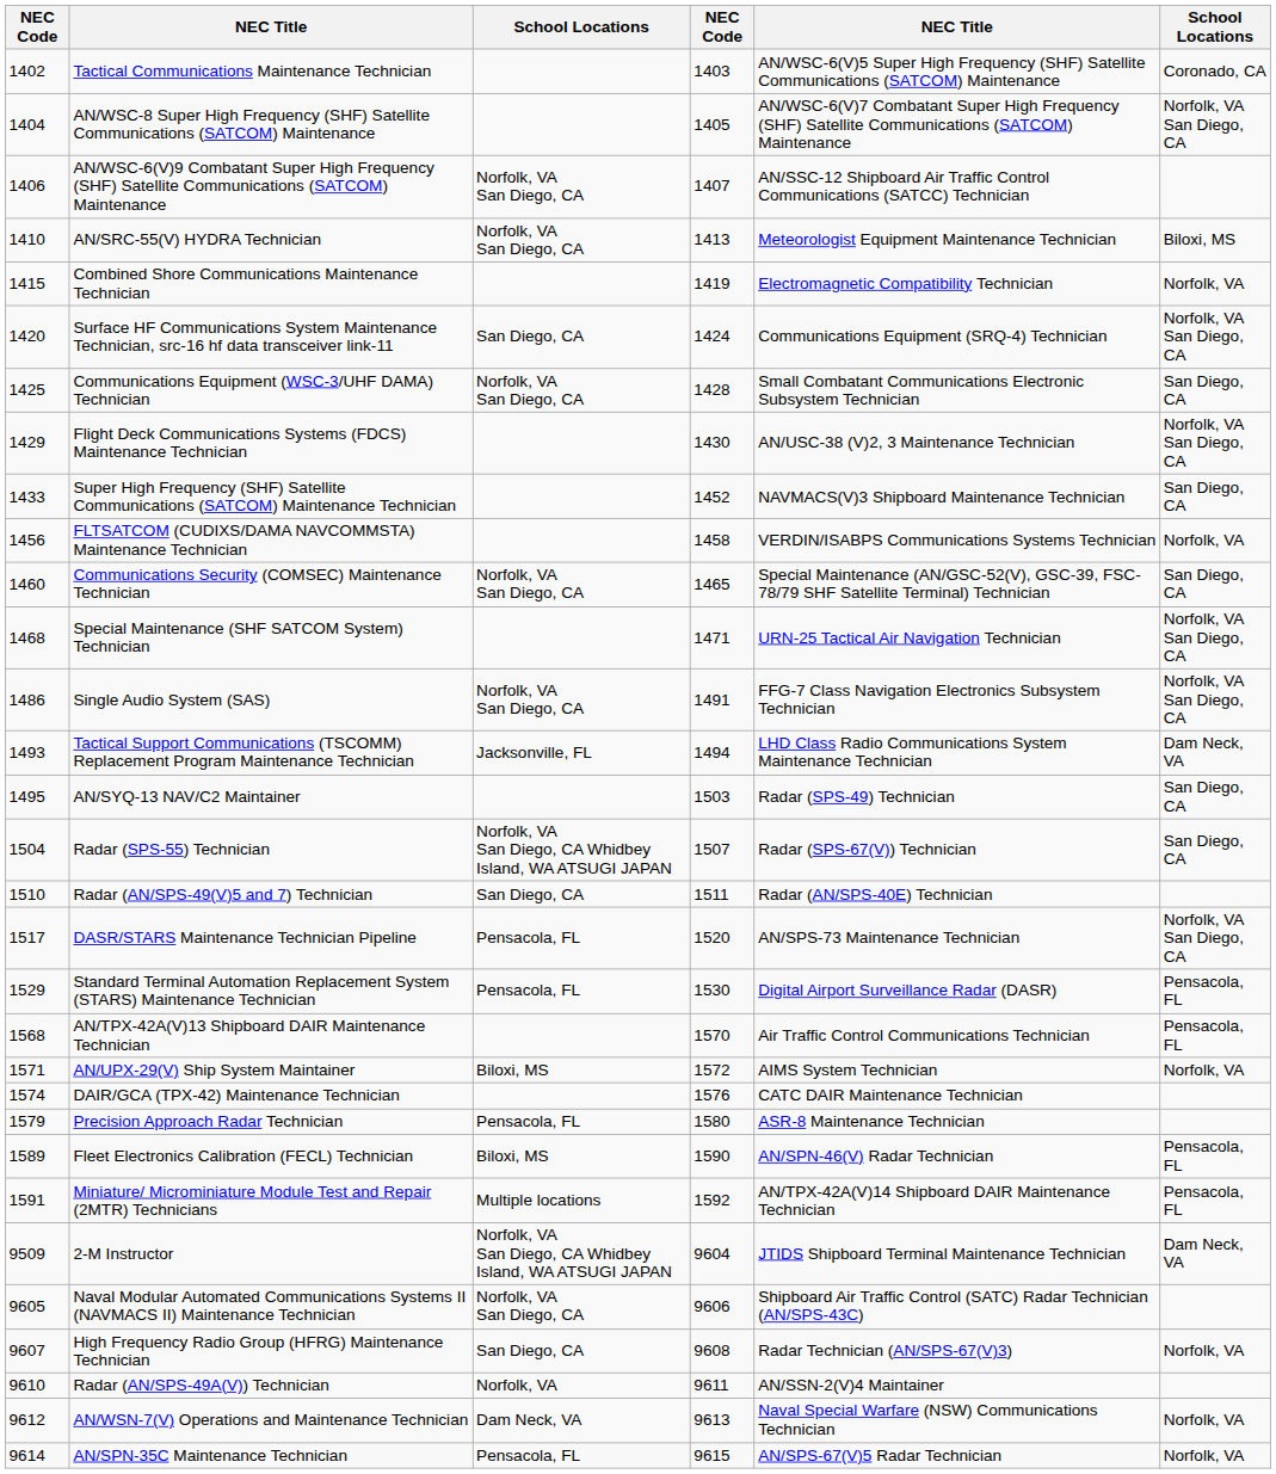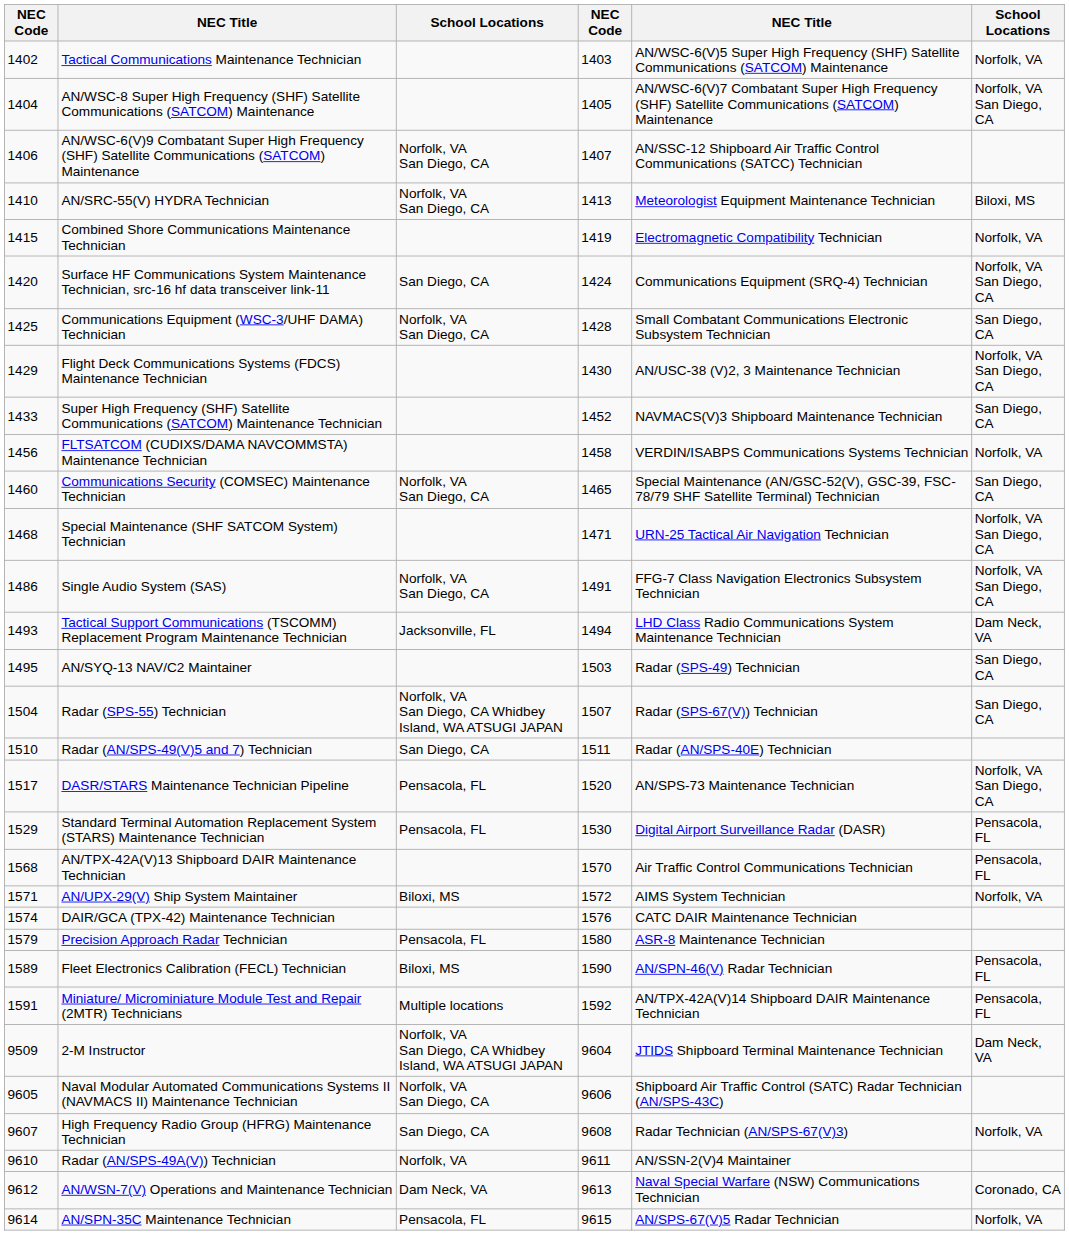 <table class="wikitable">
 <tr>
 <th>NEC Code</th>
 <th>NEC Title</th>
 <th>School Locations</th>
 <th>NEC Code</th>
 <th>NEC Title</th>
 <th>School Locations</th>
 </tr>
 <tr>
 <td>1402</td>
 <td><a href='#'>Tactical Communications</a> Maintenance Technician</td>
 <td></td>
 <td>1403</td>
 <td>AN/WSC-6(V)5 Super High Frequency (SHF) Satellite Communications (<a href='#'>SATCOM</a>) Maintenance</td>
-<td>Coronado, CA</td>
+<td>Norfolk, VA</td>
 </tr>
 <tr>
 <td>1404</td>
 <td>AN/WSC-8 Super High Frequency (SHF) Satellite Communications (<a href='#'>SATCOM</a>) Maintenance</td>
 <td></td>
 <td>1405</td>
 <td>AN/WSC-6(V)7 Combatant Super High Frequency (SHF) Satellite Communications (<a href='#'>SATCOM</a>) Maintenance</td>
 <td>Norfolk, VA<br>San Diego, CA</td>
 </tr>
 <tr>
 <td>1406</td>
 <td>AN/WSC-6(V)9 Combatant Super High Frequency (SHF) Satellite Communications (<a href='#'>SATCOM</a>) Maintenance</td>
 <td>Norfolk, VA<br>San Diego, CA</td>
 <td>1407</td>
 <td>AN/SSC-12 Shipboard Air Traffic Control Communications (SATCC) Technician</td>
 <td></td>
 </tr>
 <tr>
 <td>1410</td>
 <td>AN/SRC-55(V) HYDRA Technician</td>
 <td>Norfolk, VA<br>San Diego, CA</td>
 <td>1413</td>
 <td><a href='#'>Meteorologist</a> Equipment Maintenance Technician</td>
 <td>Biloxi, MS</td>
 </tr>
 <tr>
 <td>1415</td>
 <td>Combined Shore Communications Maintenance Technician</td>
 <td></td>
 <td>1419</td>
 <td><a href='#'>Electromagnetic Compatibility</a> Technician</td>
 <td>Norfolk, VA</td>
 </tr>
 <tr>
 <td>1420</td>
 <td>Surface HF Communications System Maintenance Technician, src-16 hf data transceiver link-11</td>
 <td>San Diego, CA</td>
 <td>1424</td>
 <td>Communications Equipment (SRQ-4) Technician</td>
 <td>Norfolk, VA<br>San Diego, CA</td>
 </tr>
 <tr>
 <td>1425</td>
 <td>Communications Equipment (<a href='#'>WSC-3</a>/UHF DAMA) Technician</td>
 <td>Norfolk, VA<br>San Diego, CA</td>
 <td>1428</td>
 <td>Small Combatant Communications Electronic Subsystem Technician</td>
 <td>San Diego, CA</td>
 </tr>
 <tr>
 <td>1429</td>
 <td>Flight Deck Communications Systems (FDCS) Maintenance Technician</td>
 <td></td>
 <td>1430</td>
 <td>AN/USC-38 (V)2, 3 Maintenance Technician</td>
 <td>Norfolk, VA<br>San Diego, CA</td>
 </tr>
 <tr>
 <td>1433</td>
 <td>Super High Frequency (SHF) Satellite Communications (<a href='#'>SATCOM</a>) Maintenance Technician</td>
 <td></td>
 <td>1452</td>
 <td>NAVMACS(V)3 Shipboard Maintenance Technician</td>
 <td>San Diego, CA</td>
 </tr>
 <tr>
 <td>1456</td>
 <td><a href='#'>FLTSATCOM</a> (CUDIXS/DAMA NAVCOMMSTA) Maintenance Technician</td>
 <td></td>
 <td>1458</td>
 <td>VERDIN/ISABPS Communications Systems Technician</td>
 <td>Norfolk, VA</td>
 </tr>
 <tr>
 <td>1460</td>
 <td><a href='#'>Communications Security</a> (COMSEC) Maintenance Technician</td>
 <td>Norfolk, VA<br>San Diego, CA</td>
 <td>1465</td>
 <td>Special Maintenance (AN/GSC-52(V), GSC-39, FSC-78/79 SHF Satellite Terminal) Technician</td>
 <td>San Diego, CA</td>
 </tr>
 <tr>
 <td>1468</td>
 <td>Special Maintenance (SHF SATCOM System) Technician</td>
 <td></td>
 <td>1471</td>
 <td><a href='#'>URN-25 Tactical Air Navigation</a> Technician</td>
 <td>Norfolk, VA<br>San Diego, CA</td>
 </tr>
 <tr>
 <td>1486</td>
 <td>Single Audio System (SAS)</td>
 <td>Norfolk, VA<br>San Diego, CA</td>
 <td>1491</td>
 <td>FFG-7 Class Navigation Electronics Subsystem Technician</td>
 <td>Norfolk, VA<br>San Diego, CA</td>
 </tr>
 <tr>
 <td>1493</td>
 <td><a href='#'>Tactical Support Communications</a> (TSCOMM) Replacement Program Maintenance Technician</td>
 <td>Jacksonville, FL</td>
 <td>1494</td>
 <td><a href='#'>LHD Class</a> Radio Communications System Maintenance Technician</td>
 <td>Dam Neck, VA</td>
 </tr>
 <tr>
 <td>1495</td>
 <td>AN/SYQ-13 NAV/C2 Maintainer</td>
 <td></td>
 <td>1503</td>
 <td>Radar (<a href='#'>SPS-49</a>) Technician</td>
 <td>San Diego, CA</td>
 </tr>
 <tr>
 <td>1504</td>
 <td>Radar (<a href='#'>SPS-55</a>) Technician</td>
 <td>Norfolk, VA<br>San Diego, CA Whidbey Island, WA ATSUGI JAPAN</td>
 <td>1507</td>
 <td>Radar (<a href='#'>SPS-67(V)</a>) Technician</td>
 <td>San Diego, CA</td>
 </tr>
 <tr>
 <td>1510</td>
 <td>Radar (<a href='#'>AN/SPS-49(V)5 and 7</a>) Technician</td>
 <td>San Diego, CA</td>
 <td>1511</td>
 <td>Radar (<a href='#'>AN/SPS-40E</a>) Technician</td>
 <td></td>
 </tr>
 <tr>
 <td>1517</td>
 <td><a href='#'>DASR/STARS</a> Maintenance Technician Pipeline</td>
 <td>Pensacola, FL</td>
 <td>1520</td>
 <td>AN/SPS-73 Maintenance Technician</td>
 <td>Norfolk, VA<br>San Diego, CA</td>
 </tr>
 <tr>
 <td>1529</td>
 <td>Standard Terminal Automation Replacement System (STARS) Maintenance Technician</td>
 <td>Pensacola, FL</td>
 <td>1530</td>
 <td><a href='#'>Digital Airport Surveillance Radar</a> (DASR)</td>
 <td>Pensacola, FL</td>
 </tr>
 <tr>
 <td>1568</td>
 <td>AN/TPX-42A(V)13 Shipboard DAIR Maintenance Technician</td>
 <td></td>
 <td>1570</td>
 <td>Air Traffic Control Communications Technician</td>
 <td>Pensacola, FL</td>
 </tr>
 <tr>
 <td>1571</td>
 <td><a href='#'>AN/UPX-29(V)</a> Ship System Maintainer</td>
 <td>Biloxi, MS</td>
 <td>1572</td>
 <td>AIMS System Technician</td>
 <td>Norfolk, VA</td>
 </tr>
 <tr>
 <td>1574</td>
 <td>DAIR/GCA (TPX-42) Maintenance Technician</td>
 <td></td>
 <td>1576</td>
 <td>CATC DAIR Maintenance Technician</td>
 <td></td>
 </tr>
 <tr>
 <td>1579</td>
 <td><a href='#'>Precision Approach Radar</a> Technician</td>
 <td>Pensacola, FL</td>
 <td>1580</td>
 <td><a href='#'>ASR-8</a> Maintenance Technician</td>
 <td></td>
 </tr>
 <tr>
 <td>1589</td>
 <td>Fleet Electronics Calibration (FECL) Technician</td>
 <td>Biloxi, MS</td>
 <td>1590</td>
 <td><a href='#'>AN/SPN-46(V)</a> Radar Technician</td>
 <td>Pensacola, FL</td>
 </tr>
 <tr>
 <td>1591</td>
 <td><a href='#'>Miniature/ Microminiature Module Test and Repair</a> (2MTR) Technicians</td>
 <td>Multiple locations</td>
 <td>1592</td>
 <td>AN/TPX-42A(V)14 Shipboard DAIR Maintenance Technician</td>
 <td>Pensacola, FL</td>
 </tr>
 <tr>
 <td>9509</td>
 <td>2-M Instructor</td>
 <td>Norfolk, VA<br>San Diego, CA Whidbey Island, WA ATSUGI JAPAN</td>
 <td>9604</td>
 <td><a href='#'>JTIDS</a> Shipboard Terminal Maintenance Technician</td>
 <td>Dam Neck, VA</td>
 </tr>
 <tr>
 <td>9605</td>
 <td>Naval Modular Automated Communications Systems II (NAVMACS II) Maintenance Technician</td>
 <td>Norfolk, VA<br>San Diego, CA</td>
 <td>9606</td>
 <td>Shipboard Air Traffic Control (SATC) Radar Technician (<a href='#'>AN/SPS-43C</a>)</td>
 <td></td>
 </tr>
 <tr>
 <td>9607</td>
 <td>High Frequency Radio Group (HFRG) Maintenance Technician</td>
 <td>San Diego, CA</td>
 <td>9608</td>
 <td>Radar Technician (<a href='#'>AN/SPS-67(V)3</a>)</td>
 <td>Norfolk, VA</td>
 </tr>
 <tr>
 <td>9610</td>
 <td>Radar (<a href='#'>AN/SPS-49A(V)</a>) Technician</td>
 <td>Norfolk, VA</td>
 <td>9611</td>
 <td>AN/SSN-2(V)4 Maintainer</td>
 <td></td>
 </tr>
 <tr>
 <td>9612</td>
 <td><a href='#'>AN/WSN-7(V)</a> Operations and Maintenance Technician</td>
 <td>Dam Neck, VA</td>
 <td>9613</td>
 <td><a href='#'>Naval Special Warfare</a> (NSW) Communications Technician</td>
-<td>Norfolk, VA</td>
+<td>Coronado, CA</td>
 </tr>
 <tr>
 <td>9614</td>
 <td><a href='#'>AN/SPN-35C</a> Maintenance Technician</td>
 <td>Pensacola, FL</td>
 <td>9615</td>
 <td><a href='#'>AN/SPS-67(V)5</a> Radar Technician</td>
 <td>Norfolk, VA</td>
 </tr>
 </table>
